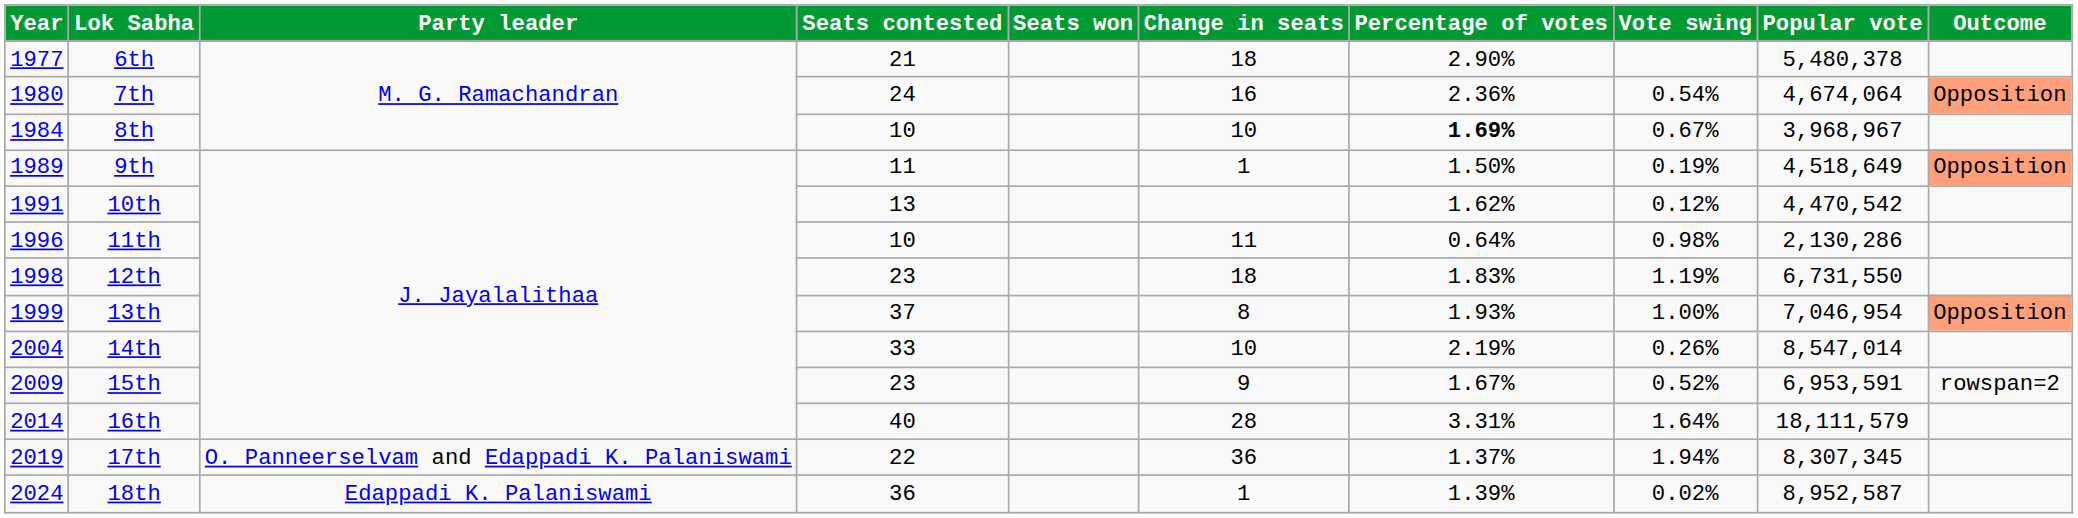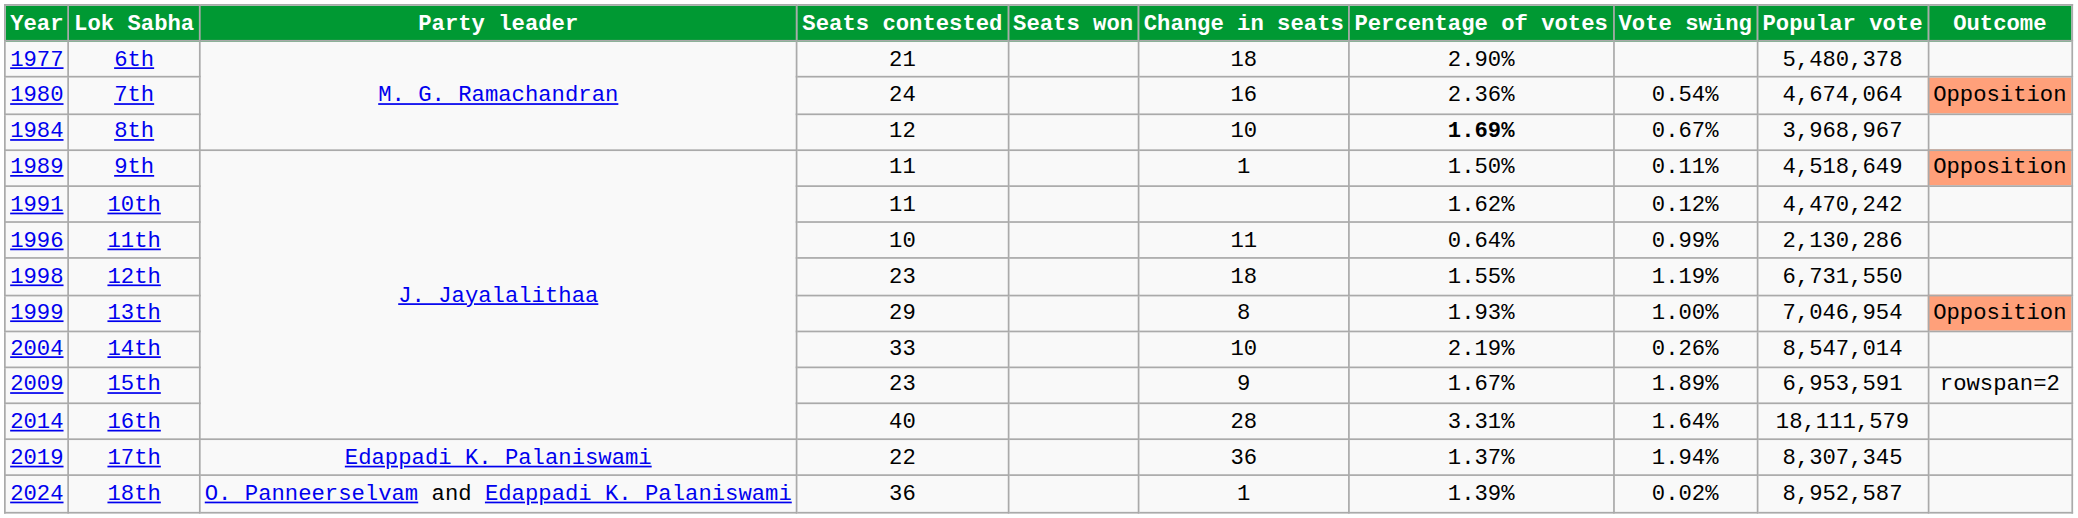 <table class="wikitable sortable" style="text-align:center;">
 <tr>
 <th style="background-color:#009933;color:white">Year</th>
 <th style="background-color:#009933;color:white">Lok Sabha</th>
 <th style="background-color:#009933;color:white">Party leader</th>
 <th style="background-color:#009933;color:white">Seats contested</th>
 <th style="background-color:#009933;color:white">Seats won</th>
 <th style="background-color:#009933;color:white">Change in seats</th>
 <th style="background-color:#009933;color:white">Percentage of votes</th>
 <th style="background-color:#009933;color:white">Vote swing</th>
 <th style="background-color:#009933;color:white">Popular vote</th>
 <th style="background-color:#009933;color:white">Outcome</th>
 </tr>
 <tr>
 <td><a href='#'>1977</a></td>
 <td><a href='#'>6th</a></td>
 <td rowspan=3><a href='#'>M. G. Ramachandran</a></td>
 <td>21</td>
 <td></td>
 <td> 18</td>
 <td>2.90%</td>
 <td></td>
 <td>5,480,378</td>
 <td></td>
 </tr>
 <tr>
 <td><a href='#'>1980</a></td>
 <td><a href='#'>7th</a></td>
 <td>24</td>
 <td></td>
 <td> 16</td>
 <td>2.36%</td>
 <td> 0.54%</td>
 <td>4,674,064</td>
 <td style="background:#FFA07A;">Opposition</td>
 </tr>
 <tr>
 <td><a href='#'>1984</a></td>
 <td><a href='#'>8th</a></td>
-<td>10</td>
+<td>12</td>
 <td></td>
 <td> 10</td>
 <td><strong>1.69%</strong></td>
 <td> 0.67%</td>
 <td>3,968,967</td>
 <td></td>
 </tr>
 <tr>
 <td><a href='#'>1989</a></td>
 <td><a href='#'>9th</a></td>
 <td rowspan=8><a href='#'>J. Jayalalithaa</a></td>
 <td>11</td>
 <td></td>
 <td> 1</td>
 <td>1.50%</td>
-<td> 0.19%</td>
+<td> 0.11%</td>
 <td>4,518,649</td>
 <td style="background:#FFA07A;">Opposition</td>
 </tr>
 <tr>
 <td><a href='#'>1991</a></td>
 <td><a href='#'>10th</a></td>
-<td>13</td>
+<td>11</td>
 <td></td>
 <td></td>
 <td>1.62%</td>
 <td> 0.12%</td>
-<td>4,470,542</td>
+<td>4,470,242</td>
 <td></td>
 </tr>
 <tr>
 <td><a href='#'>1996</a></td>
 <td><a href='#'>11th</a></td>
 <td>10</td>
 <td></td>
 <td> 11</td>
 <td>0.64%</td>
-<td> 0.98%</td>
+<td> 0.99%</td>
 <td>2,130,286</td>
 <td></td>
 </tr>
 <tr>
 <td><a href='#'>1998</a></td>
 <td><a href='#'>12th</a></td>
 <td>23</td>
 <td></td>
 <td> 18</td>
-<td>1.83%</td>
+<td>1.55%</td>
 <td> 1.19%</td>
 <td>6,731,550</td>
 <td></td>
 </tr>
 <tr>
 <td><a href='#'>1999</a></td>
 <td><a href='#'>13th</a></td>
-<td>37</td>
+<td>29</td>
 <td></td>
 <td> 8</td>
 <td>1.93%</td>
 <td> 1.00%</td>
 <td>7,046,954</td>
 <td style="background:#FFA07A;">Opposition</td>
 </tr>
 <tr>
 <td><a href='#'>2004</a></td>
 <td><a href='#'>14th</a></td>
 <td>33</td>
 <td></td>
 <td> 10</td>
 <td>2.19%</td>
 <td> 0.26%</td>
 <td>8,547,014</td>
 <td></td>
 </tr>
 <tr>
 <td><a href='#'>2009</a></td>
 <td><a href='#'>15th</a></td>
 <td>23</td>
 <td></td>
 <td> 9</td>
 <td>1.67%</td>
-<td> 0.52%</td>
+<td> 1.89%</td>
 <td>6,953,591</td>
 <td>rowspan=2 </td>
 </tr>
 <tr>
 <td><a href='#'>2014</a></td>
 <td><a href='#'>16th</a></td>
 <td>40</td>
 <td></td>
 <td> 28</td>
 <td>3.31%</td>
 <td> 1.64%</td>
 <td>18,111,579</td>
 </tr>
 <tr>
 <td><a href='#'>2019</a></td>
 <td><a href='#'>17th</a></td>
-<td><a href='#'>O. Panneerselvam</a> and <a href='#'>Edappadi&nbsp;K.&nbsp;Palaniswami</a></td>
+<td><a href='#'>Edappadi K. Palaniswami</a></td>
 <td>22</td>
 <td></td>
 <td> 36</td>
 <td>1.37%</td>
 <td> 1.94%</td>
 <td>8,307,345</td>
 <td></td>
 </tr>
 <tr>
 <td><a href='#'>2024</a></td>
 <td><a href='#'>18th</a></td>
-<td><a href='#'>Edappadi K. Palaniswami</a></td>
+<td><a href='#'>O. Panneerselvam</a> and <a href='#'>Edappadi&nbsp;K.&nbsp;Palaniswami</a></td>
 <td>36</td>
 <td></td>
 <td> 1</td>
 <td>1.39%</td>
 <td> 0.02%</td>
 <td>8,952,587</td>
 <td></td>
 </tr>
 </table>
